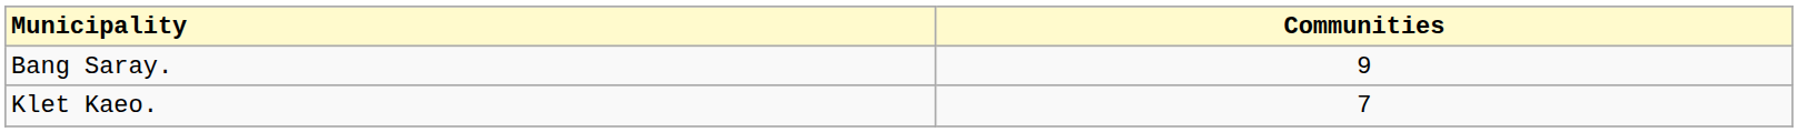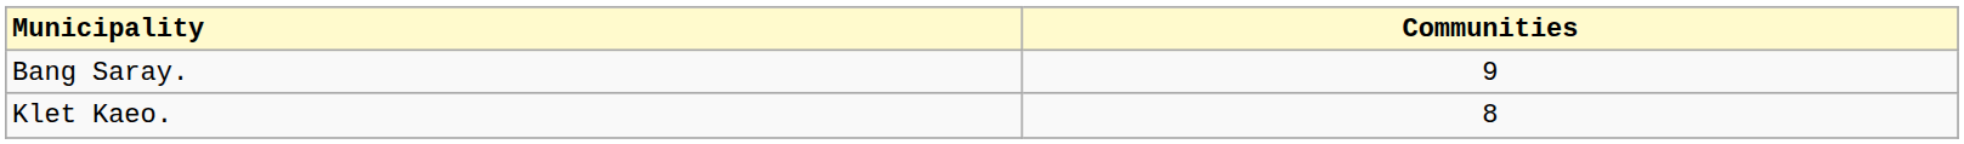 <table class="wikitable" style="width:48%; display:inline-table;">
 <tr>
 <td style= "background: #fffacd;"><strong>Municipality</strong></td>
 <td style= "background: #fffacd; text-align:center;"><strong>Communities</strong></td>
 </tr>
 <tr>
 <td>Bang Saray.</td>
 <td style="text-align:center;">9</td>
 </tr>
 <tr>
 <td>Klet Kaeo.</td>
-<td style="text-align:center;">7</td>
+<td style="text-align:center;">8</td>
 </tr>
 </table>
